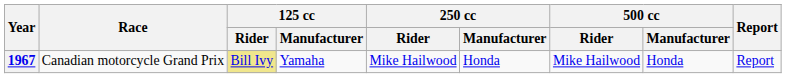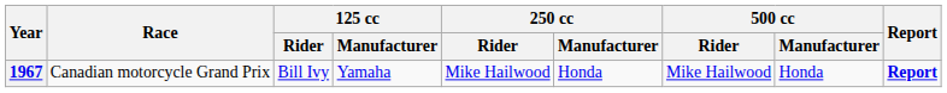 <table class="wikitable" style="font-size: 90%;">
 <tr>
 <th rowspan=2>Year</th>
 <th rowspan=2>Race</th>
 <th colspan=2>125 cc</th>
 <th colspan=2>250 cc</th>
 <th colspan=2>500 cc</th>
 <th rowspan=2>Report</th>
 </tr>
 <tr>
 <th>Rider</th>
 <th>Manufacturer</th>
 <th>Rider</th>
 <th>Manufacturer</th>
 <th>Rider</th>
 <th>Manufacturer</th>
 </tr>
 <tr>
 <th><a href='#'>1967</a></th>
 <td>Canadian motorcycle Grand Prix</td>
-<td style="background: khaki;"> <a href='#'>Bill Ivy</a></td>
+<td> <a href='#'>Bill Ivy</a></td>
 <td><a href='#'>Yamaha</a></td>
 <td> <a href='#'>Mike Hailwood</a></td>
 <td><a href='#'>Honda</a></td>
 <td> <a href='#'>Mike Hailwood</a></td>
 <td><a href='#'>Honda</a></td>
-<td><a href='#'>Report</a></td>
+<td><strong><a href='#'>Report</a></strong></td>
 </tr>
 </table>
